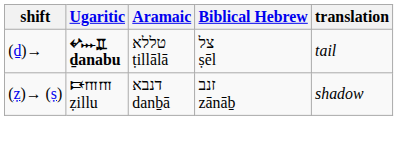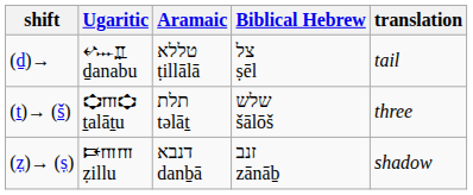 <table class="wikitable">
 <tr>
 <th>shift</th>
 <th><a href='#'>Ugaritic</a></th>
 <th><a href='#'>Aramaic</a></th>
 <th><a href='#'>Biblical Hebrew</a></th>
 <th>translation</th>
 </tr>
 <tr>
 <td> (<a href='#'>ḏ</a>)→<a href='#'></a></td>
-<td><strong>𐎏𐎐𐎁<br>ḏanabu⁠</strong></td>
+<td>𐎏𐎐𐎁<br>ḏanabu⁠</td>
 <td>טללא<br>ṭillālā</td>
 <td>צל<br>ṣēl</td>
 <td><em>tail</em></td>
+</tr>
+<tr>
+<td> (<a href='#'>ṯ</a>)→ (<a href='#'>š</a>)</td>
+<td>𐎘𐎍𐎘<br>ṯalāṯu</td>
+<td>תלת<br>təlāṯ</td>
+<td>שלש<br>šālōš</td>
+<td><em>three</em></td>
 </tr>
 <tr>
 <td> (<a href='#'>ẓ</a>)→ (<a href='#'>ṣ</a>)</td>
 <td>𐎑𐎍𐎍<br>ẓillu</td>
 <td>דנבא‎<br>danḇā</td>
 <td>זנב<br>zānāḇ</td>
 <td><em>shadow</em></td>
 </tr>
 </table>
